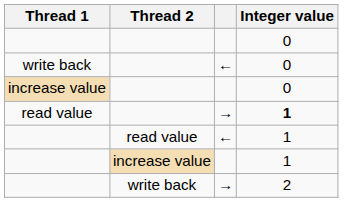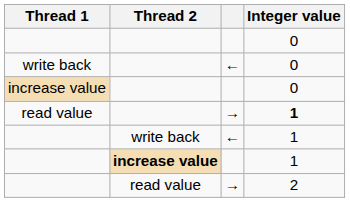 <table class="wikitable" style="text-align: center;">
 <tr>
 <th>Thread 1</th>
 <th>Thread 2</th>
 <th></th>
 <th>Integer value</th>
 </tr>
 <tr>
 <td></td>
 <td></td>
 <td></td>
 <td>0</td>
 </tr>
 <tr>
 <td>write back</td>
 <td></td>
 <td>←</td>
 <td>0</td>
 </tr>
 <tr>
 <td style="background: wheat;">increase value</td>
 <td></td>
 <td></td>
 <td>0</td>
 </tr>
 <tr>
 <td>read value</td>
 <td></td>
 <td>→</td>
 <td><strong>1</strong></td>
 </tr>
 <tr>
 <td></td>
-<td>read value</td>
+<td>write back</td>
 <td>←</td>
 <td>1</td>
 </tr>
 <tr>
 <td></td>
-<td style="background: wheat;">increase value</td>
+<td style="background: wheat;"><strong>increase value</strong></td>
 <td></td>
 <td>1</td>
 </tr>
 <tr>
 <td></td>
-<td>write back</td>
+<td>read value</td>
 <td>→</td>
 <td>2</td>
 </tr>
 </table>
